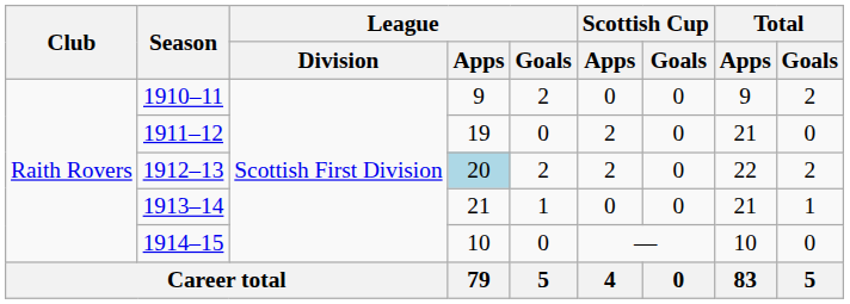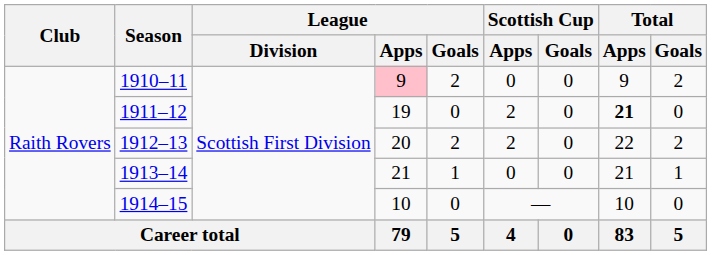 <table class="wikitable" style="text-align: center">
 <tr>
 <th rowspan="2">Club</th>
 <th rowspan="2">Season</th>
 <th colspan="3">League</th>
 <th colspan="2">Scottish Cup</th>
 <th colspan="2">Total</th>
 </tr>
 <tr>
 <th>Division</th>
 <th>Apps</th>
 <th>Goals</th>
 <th>Apps</th>
 <th>Goals</th>
 <th>Apps</th>
 <th>Goals</th>
 </tr>
 <tr>
 <td rowspan="5"><a href='#'>Raith Rovers</a></td>
 <td><a href='#'>1910–11</a></td>
 <td rowspan="5"><a href='#'>Scottish First Division</a></td>
-<td>9</td>
+<td style="background: pink;">9</td>
 <td>2</td>
 <td>0</td>
 <td>0</td>
 <td>9</td>
 <td>2</td>
 </tr>
 <tr>
 <td><a href='#'>1911–12</a></td>
 <td>19</td>
 <td>0</td>
 <td>2</td>
 <td>0</td>
-<td>21</td>
+<td><strong>21</strong></td>
 <td>0</td>
 </tr>
 <tr>
 <td><a href='#'>1912–13</a></td>
-<td style="background: lightblue;">20</td>
+<td>20</td>
 <td>2</td>
 <td>2</td>
 <td>0</td>
 <td>22</td>
 <td>2</td>
 </tr>
 <tr>
 <td><a href='#'>1913–14</a></td>
 <td>21</td>
 <td>1</td>
 <td>0</td>
 <td>0</td>
 <td>21</td>
 <td>1</td>
 </tr>
 <tr>
 <td><a href='#'>1914–15</a></td>
 <td>10</td>
 <td>0</td>
 <td colspan="2">—</td>
 <td>10</td>
 <td>0</td>
 </tr>
 <tr>
 <th colspan="3">Career total</th>
 <th>79</th>
 <th>5</th>
 <th>4</th>
 <th>0</th>
 <th>83</th>
 <th>5</th>
 </tr>
 </table>
